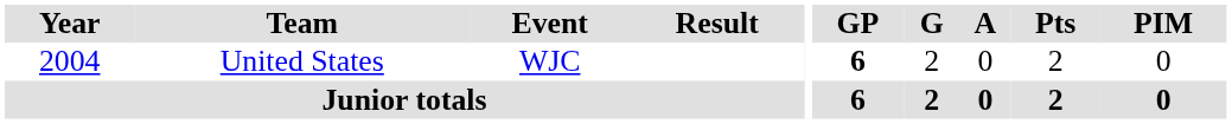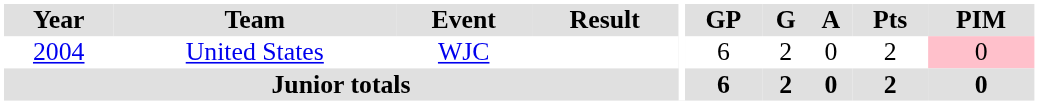 <table border="0" cellpadding="1" cellspacing="0" ID="Table3" style="text-align:center; width:40em">
 <tr ALIGN="center" bgcolor="#e0e0e0">
 <th>Year</th>
 <th>Team</th>
 <th>Event</th>
 <th>Result</th>
 <th rowspan="99" bgcolor="#ffffff"></th>
 <th>GP</th>
 <th>G</th>
 <th>A</th>
 <th>Pts</th>
 <th>PIM</th>
 </tr>
 <tr>
 <td><a href='#'>2004</a></td>
 <td><a href='#'>United States</a></td>
 <td><a href='#'>WJC</a></td>
 <td></td>
-<td><strong>6</strong></td>
+<td>6</td>
 <td>2</td>
 <td>0</td>
 <td>2</td>
-<td>0</td>
+<td style="background: pink;">0</td>
 </tr>
 <tr bgcolor="#e0e0e0">
 <th colspan="4">Junior totals</th>
 <th>6</th>
 <th>2</th>
 <th>0</th>
 <th>2</th>
 <th>0</th>
 </tr>
 </table>
